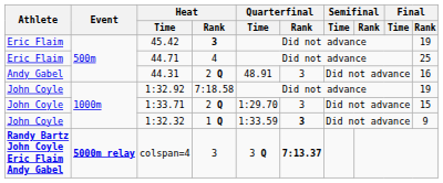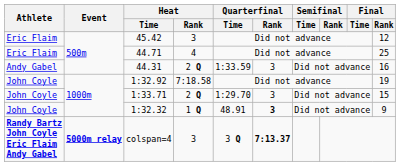 <table class=wikitable style=font-size:90%;text-align:center>
 <tr>
 <th rowspan=2>Athlete</th>
 <th rowspan=2>Event</th>
 <th colspan=2>Heat</th>
 <th colspan=2>Quarterfinal</th>
 <th colspan=2>Semifinal</th>
 <th colspan=2>Final</th>
 </tr>
 <tr style=font-size:95%>
 <th>Time</th>
 <th>Rank</th>
 <th>Time</th>
 <th>Rank</th>
 <th>Time</th>
 <th>Rank</th>
 <th>Time</th>
 <th>Rank</th>
 </tr>
 <tr>
 <td align=left><a href='#'>Eric Flaim</a></td>
 <td align=left rowspan=3><a href='#'>500m</a></td>
 <td>45.42</td>
-<td><strong>3</strong></td>
+<td>3</td>
 <td colspan=5>Did not advance</td>
-<td>19</td>
+<td>12</td>
 </tr>
 <tr>
 <td align=left><a href='#'>Eric Flaim</a></td>
 <td>44.71</td>
 <td>4</td>
 <td colspan=5>Did not advance</td>
 <td>25</td>
 </tr>
 <tr>
 <td align=left><a href='#'>Andy Gabel</a></td>
 <td>44.31</td>
 <td>2 <strong>Q</strong></td>
-<td>48.91</td>
+<td>1:33.59</td>
 <td>3</td>
 <td colspan=3>Did not advance</td>
 <td>16</td>
 </tr>
 <tr>
 <td align=left><a href='#'>John Coyle</a></td>
 <td align=left rowspan=3><a href='#'>1000m</a></td>
 <td>1:32.92</td>
 <td>7:18.58</td>
 <td colspan=5>Did not advance</td>
 <td>19</td>
 </tr>
 <tr>
 <td align=left><a href='#'>John Coyle</a></td>
 <td>1:33.71</td>
 <td>2 <strong>Q</strong></td>
 <td>1:29.70</td>
 <td>3</td>
 <td colspan=3>Did not advance</td>
 <td>15</td>
 </tr>
 <tr>
 <td align=left><a href='#'>John Coyle</a></td>
 <td>1:32.32</td>
 <td>1 <strong>Q</strong></td>
-<td>1:33.59</td>
+<td>48.91</td>
 <td><strong>3</strong></td>
 <td colspan=3>Did not advance</td>
 <td>9</td>
 </tr>
 <tr>
 <td align=left><strong><a href='#'>Randy Bartz</a><br><a href='#'>John Coyle</a><br><a href='#'>Eric Flaim</a><br><a href='#'>Andy Gabel</a></strong></td>
 <td align=left><strong><a href='#'>5000m relay</a></strong></td>
 <td>colspan=4 </td>
 <td>3</td>
 <td>3 <strong>Q</strong></td>
 <td><strong>7:13.37</strong></td>
 <td></td>
 </tr>
 </table>
